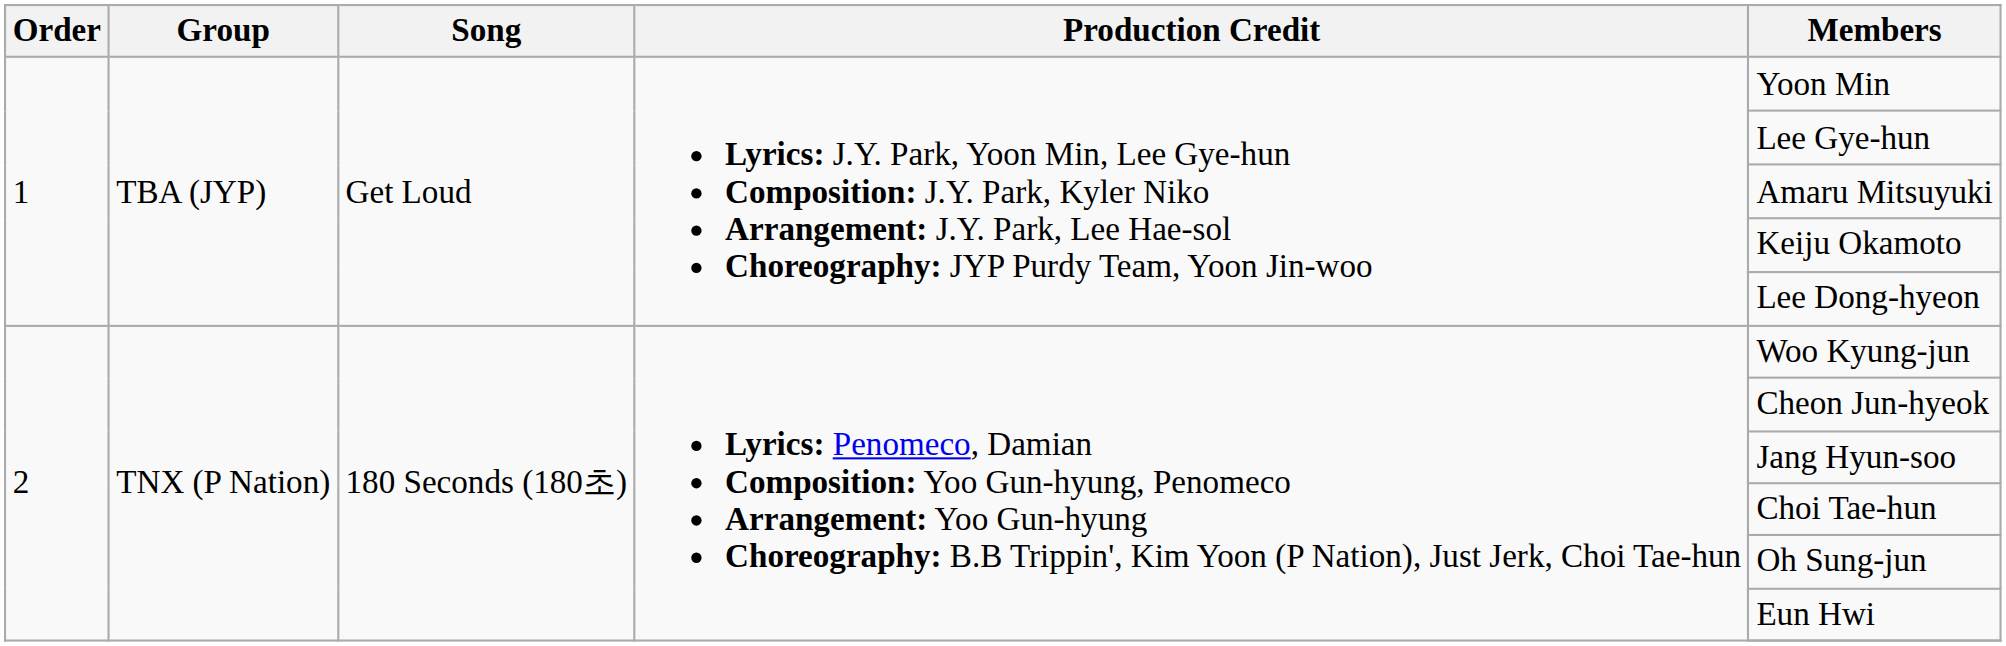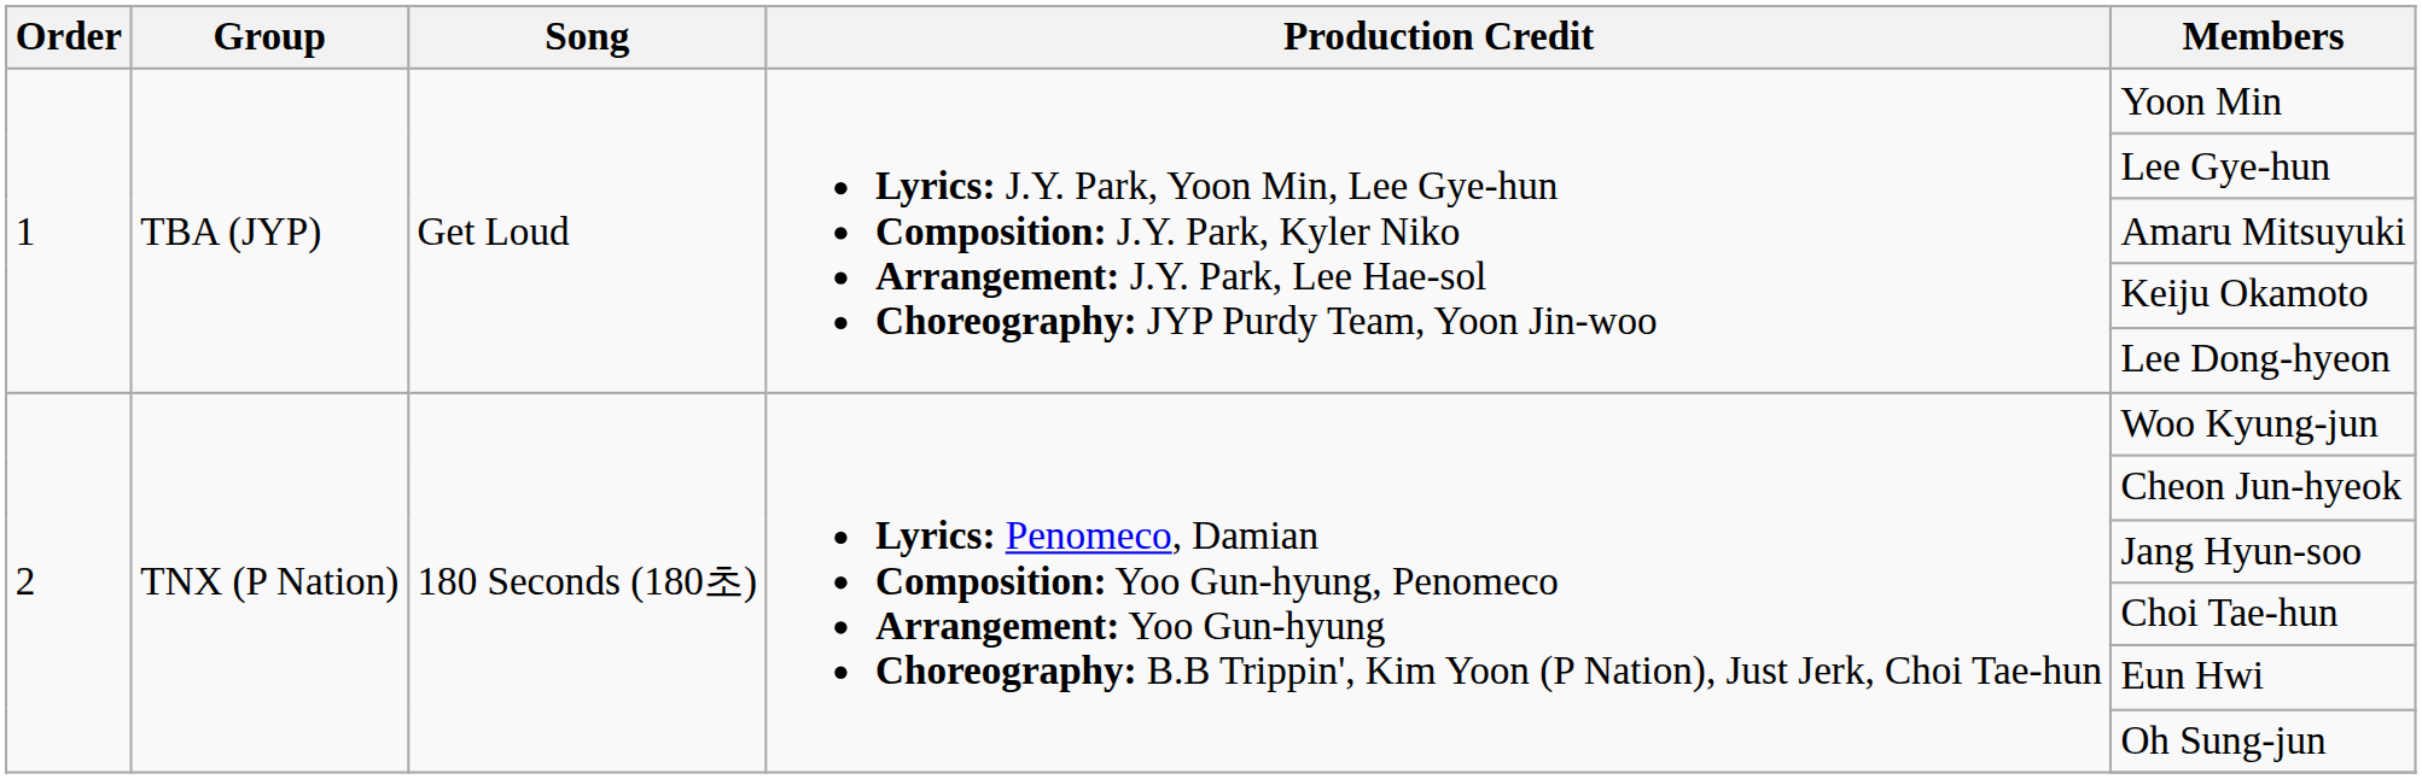 <table class="wikitable">
 <tr>
 <th>Order</th>
 <th>Group</th>
 <th>Song</th>
 <th>Production Credit</th>
 <th>Members</th>
 </tr>
 <tr>
 <td rowspan="5">1</td>
 <td rowspan="5">TBA (JYP)</td>
 <td rowspan="5">Get Loud</td>
 <td rowspan="5"><br><ul><li><strong>Lyrics:</strong> J.Y. Park, Yoon Min, Lee Gye-hun</li><li><strong>Composition:</strong> J.Y. Park, Kyler Niko</li><li><strong>Arrangement:</strong> J.Y. Park, Lee Hae-sol</li><li><strong>Choreography:</strong> JYP Purdy Team, Yoon Jin-woo</li></ul></td>
 <td>Yoon Min</td>
 </tr>
 <tr>
 <td>Lee Gye-hun</td>
 </tr>
 <tr>
 <td>Amaru Mitsuyuki</td>
 </tr>
 <tr>
 <td>Keiju Okamoto</td>
 </tr>
 <tr>
 <td>Lee Dong-hyeon</td>
 </tr>
 <tr>
 <td rowspan="7">2</td>
 <td rowspan="7">TNX (P Nation)</td>
 <td rowspan="7">180 Seconds (180초)</td>
 <td rowspan="7"><br><ul><li><strong>Lyrics:</strong> <a href='#'>Penomeco</a>, Damian</li><li><strong>Composition:</strong> Yoo Gun-hyung, Penomeco</li><li><strong>Arrangement:</strong> Yoo Gun-hyung</li><li><strong>Choreography:</strong> B.B Trippin', Kim Yoon (P Nation), Just Jerk, Choi Tae-hun</li></ul></td>
 <td>Woo Kyung-jun</td>
 </tr>
 <tr>
 <td>Cheon Jun-hyeok</td>
 </tr>
 <tr>
 <td>Jang Hyun-soo</td>
 </tr>
 <tr>
 <td>Choi Tae-hun</td>
 </tr>
 <tr>
-<td>Oh Sung-jun</td>
+<td>Eun Hwi</td>
 </tr>
 <tr>
-<td>Eun Hwi</td>
+<td>Oh Sung-jun</td>
 </tr>
 <tr>
 </tr>
 </table>
